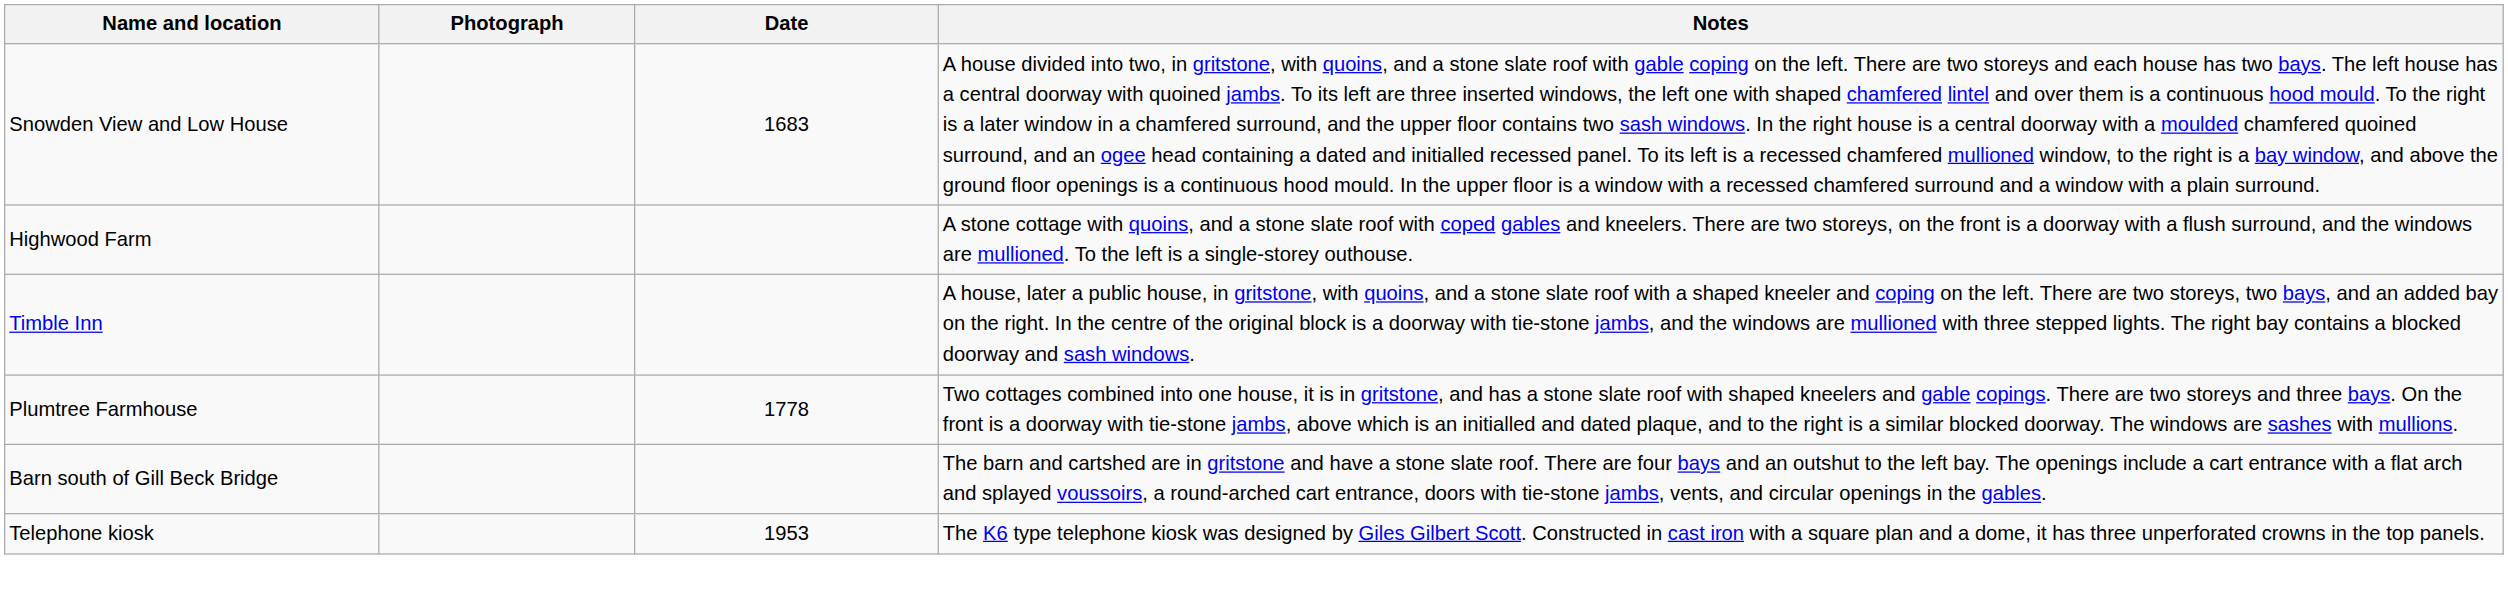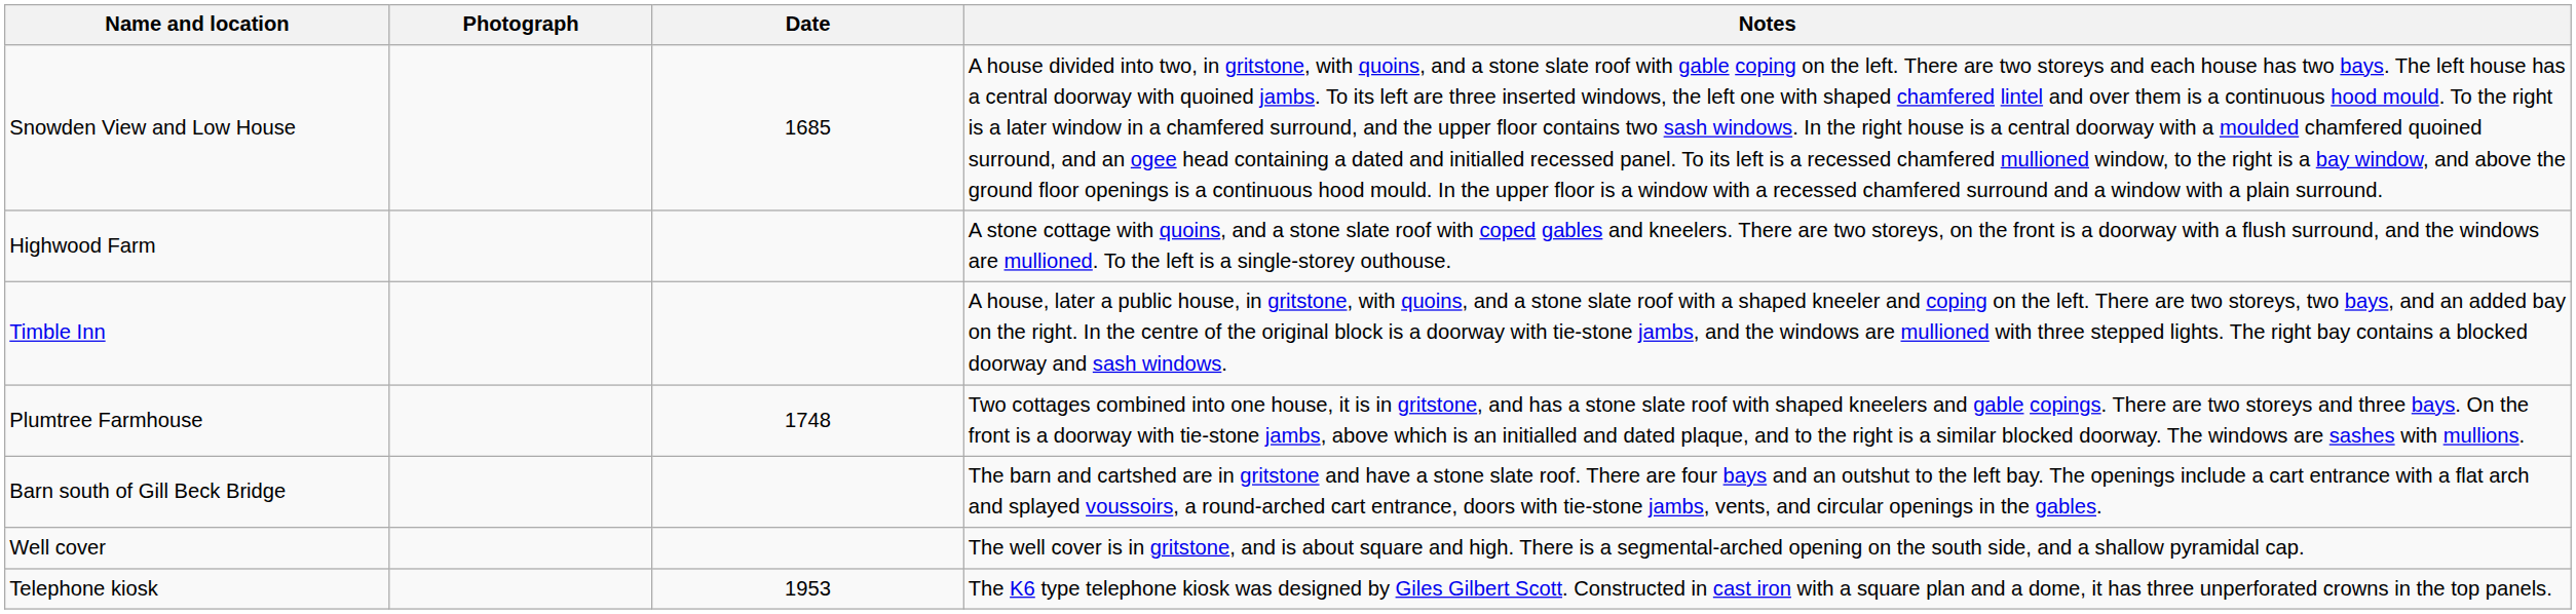 <table class="wikitable sortable plainrowheaders" style="width:100%;border:0px;text-align:left;line-height:150%;">
 <tr>
 <th scope="col"  style="width:150px">Name and location</th>
 <th scope="col"  style="width:100px" class="unsortable">Photograph</th>
 <th scope="col"  style="width:120px">Date</th>
 <th scope="col"  style="width:650px" class="unsortable">Notes</th>
 </tr>
 <tr>
 <td>Snowden View and Low House<br><small></small></td>
 <td></td>
-<td align="center">1683</td>
+<td align="center">1685</td>
 <td>A house divided into two, in <a href='#'>gritstone</a>, with <a href='#'>quoins</a>, and a stone slate roof with <a href='#'>gable</a> <a href='#'>coping</a> on the left.  There are two storeys and each house has two <a href='#'>bays</a>.  The left house has a central doorway with quoined <a href='#'>jambs</a>.  To its left are three inserted windows, the left one with shaped <a href='#'>chamfered</a> <a href='#'>lintel</a> and over them is a continuous <a href='#'>hood mould</a>.  To the right is a later window in a chamfered surround, and the upper floor contains two <a href='#'>sash windows</a>.  In the right house is a central doorway with a <a href='#'>moulded</a> chamfered quoined surround, and an <a href='#'>ogee</a> head containing a dated and initialled recessed panel.  To its left is a recessed chamfered <a href='#'>mullioned</a> window, to the right is a <a href='#'>bay window</a>, and above the ground floor openings is a continuous hood mould.  In the upper floor is a window with a recessed chamfered surround and a window with a plain surround.</td>
 </tr>
 <tr>
 <td>Highwood Farm<br><small></small></td>
 <td></td>
 <td align="center"></td>
 <td>A stone cottage with <a href='#'>quoins</a>, and a stone slate roof with <a href='#'>coped</a> <a href='#'>gables</a> and kneelers.  There are two storeys, on the front is a doorway with a flush surround, and the windows are <a href='#'>mullioned</a>.  To the left is a single-storey outhouse.</td>
 </tr>
 <tr>
 <td><a href='#'>Timble Inn</a><br><small></small></td>
 <td></td>
 <td align="center"></td>
 <td>A house, later a public house, in <a href='#'>gritstone</a>, with <a href='#'>quoins</a>, and a stone slate roof with a shaped kneeler and <a href='#'>coping</a> on the left.  There are two storeys, two <a href='#'>bays</a>, and an added bay on the right. In the centre of the original block is a doorway with tie-stone <a href='#'>jambs</a>, and the windows are <a href='#'>mullioned</a> with three stepped lights.  The right bay contains a blocked doorway and <a href='#'>sash windows</a>.</td>
 </tr>
 <tr>
 <td>Plumtree Farmhouse<br><small></small></td>
 <td></td>
-<td align="center">1778</td>
+<td align="center">1748</td>
 <td>Two cottages combined into one house, it is in <a href='#'>gritstone</a>, and has a stone slate roof with shaped kneelers and <a href='#'>gable</a> <a href='#'>copings</a>.  There are two storeys and three <a href='#'>bays</a>.  On the front is a doorway with tie-stone <a href='#'>jambs</a>, above which is an initialled and dated plaque, and to the right is a similar blocked doorway.  The windows are <a href='#'>sashes</a> with <a href='#'>mullions</a>.</td>
 </tr>
 <tr>
 <td>Barn south of Gill Beck Bridge<br><small></small></td>
 <td></td>
 <td align="center"></td>
 <td>The barn and cartshed are in <a href='#'>gritstone</a> and have a stone slate roof.  There are four <a href='#'>bays</a> and an outshut to the left bay.  The openings include a cart entrance with a flat arch and splayed <a href='#'>voussoirs</a>, a round-arched cart entrance, doors with tie-stone <a href='#'>jambs</a>, vents, and circular openings in the <a href='#'>gables</a>.</td>
+</tr>
+<tr>
+<td>Well cover<br><small></small></td>
+<td></td>
+<td align="center"></td>
+<td>The well cover is in <a href='#'>gritstone</a>, and is about  square and  high.  There is a segmental-arched opening on the south side, and a shallow pyramidal cap.</td>
 </tr>
 <tr>
 <td>Telephone kiosk<br><small></small></td>
 <td></td>
 <td align="center">1953</td>
 <td>The <a href='#'>K6</a> type telephone kiosk was designed by <a href='#'>Giles Gilbert Scott</a>.  Constructed in <a href='#'>cast iron</a> with a square plan and a dome, it has three unperforated crowns in the top panels.</td>
 </tr>
 <tr>
 </tr>
 </table>
